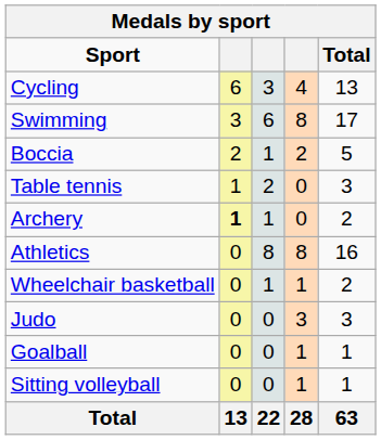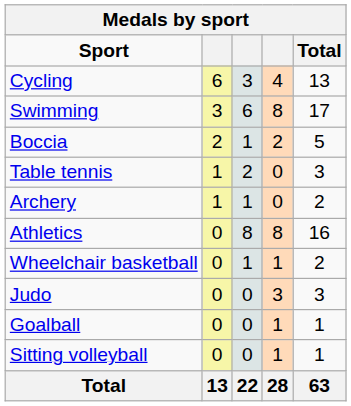 <table class="wikitable" border="1"  style="float:right">
 <tr>
 <th colspan=5><strong>Medals by sport</strong></th>
 </tr>
 <tr align=center>
 <td><strong>Sport</strong></td>
 <th bgcolor=#f7f6a8></th>
 <th bgcolor=#dce5e5></th>
 <th bgcolor=#ffdab9></th>
 <th><strong>Total</strong></th>
 </tr>
 <tr align=center>
 <td align=left><a href='#'>Cycling</a></td>
 <td bgcolor=#f7f6a8>6</td>
 <td bgcolor=#dce5e5>3</td>
 <td bgcolor=#ffdab9>4</td>
 <td>13</td>
 </tr>
 <tr align=center>
 <td align=left><a href='#'>Swimming</a></td>
 <td bgcolor=#f7f6a8>3</td>
 <td bgcolor=#dce5e5>6</td>
 <td bgcolor=#ffdab9>8</td>
 <td>17</td>
 </tr>
 <tr align=center>
 <td align=left><a href='#'>Boccia</a></td>
 <td bgcolor=#f7f6a8>2</td>
 <td bgcolor=#dce5e5>1</td>
 <td bgcolor=#ffdab9>2</td>
 <td>5</td>
 </tr>
 <tr align=center>
 <td align=left><a href='#'>Table tennis</a></td>
 <td bgcolor=#f7f6a8>1</td>
 <td bgcolor=#dce5e5>2</td>
 <td bgcolor=#ffdab9>0</td>
 <td>3</td>
 </tr>
 <tr align=center>
 <td align=left><a href='#'>Archery</a></td>
-<td bgcolor=#f7f6a8><strong>1</strong></td>
+<td bgcolor=#f7f6a8>1</td>
 <td bgcolor=#dce5e5>1</td>
 <td bgcolor=#ffdab9>0</td>
 <td>2</td>
 </tr>
 <tr align=center>
 <td align=left><a href='#'>Athletics</a></td>
 <td bgcolor=#f7f6a8>0</td>
 <td bgcolor=#dce5e5>8</td>
 <td bgcolor=#ffdab9>8</td>
 <td>16</td>
 </tr>
 <tr align=center>
 <td align=left><a href='#'>Wheelchair basketball</a></td>
 <td bgcolor=#f7f6a8>0</td>
 <td bgcolor=#dce5e5>1</td>
 <td bgcolor=#ffdab9>1</td>
 <td>2</td>
 </tr>
 <tr align=center>
 <td align=left><a href='#'>Judo</a></td>
 <td bgcolor=#f7f6a8>0</td>
 <td bgcolor=#dce5e5>0</td>
 <td bgcolor=#ffdab9>3</td>
 <td>3</td>
 </tr>
 <tr align=center>
 <td align=left><a href='#'>Goalball</a></td>
 <td bgcolor=#f7f6a8>0</td>
 <td bgcolor=#dce5e5>0</td>
 <td bgcolor=#ffdab9>1</td>
 <td>1</td>
 </tr>
 <tr align=center>
 <td align=left><a href='#'>Sitting volleyball</a></td>
 <td bgcolor=#f7f6a8>0</td>
 <td bgcolor=#dce5e5>0</td>
 <td bgcolor=#ffdab9>1</td>
 <td>1</td>
 </tr>
 <tr align=center>
 <th bgcolor=#efefef><strong>Total</strong></th>
 <th bgcolor=#f7f6a8>13</th>
 <th bgcolor=#dce5e5>22</th>
 <th bgcolor=#ffdab9>28</th>
 <th>63</th>
 </tr>
 </table>
